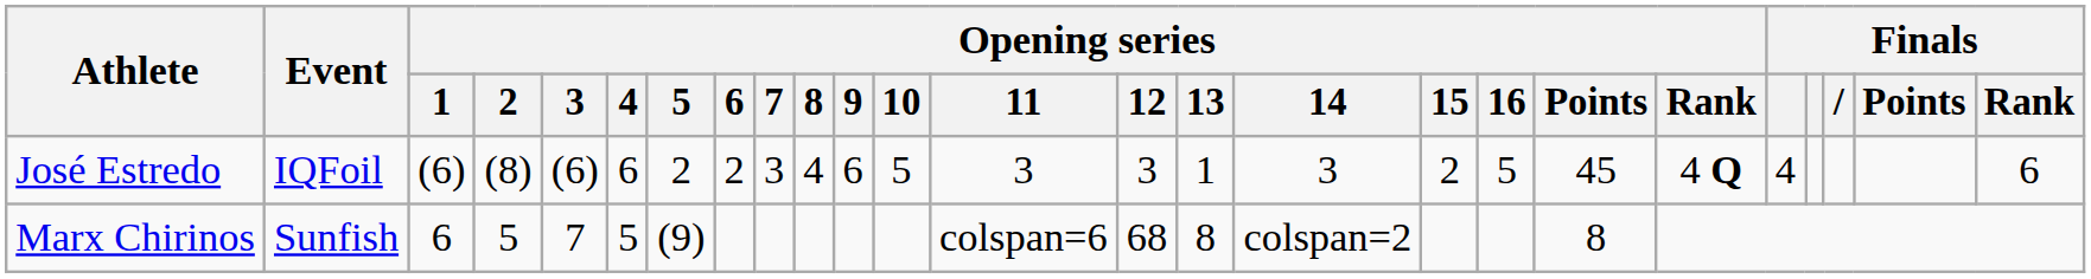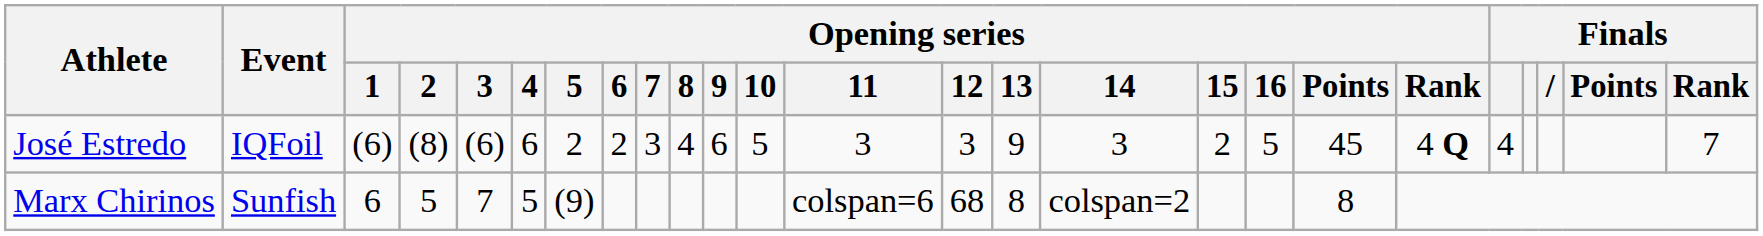 <table class=wikitable style=font-size:90%;text-align:center>
 <tr>
 <th rowspan=2>Athlete</th>
 <th rowspan=2>Event</th>
 <th colspan=18>Opening series</th>
 <th colspan=5>Finals</th>
 </tr>
 <tr style=font-size:95%>
 <th>1</th>
 <th>2</th>
 <th>3</th>
 <th>4</th>
 <th>5</th>
 <th>6</th>
 <th>7</th>
 <th>8</th>
 <th>9</th>
 <th>10</th>
 <th>11</th>
 <th>12</th>
 <th>13</th>
 <th>14</th>
 <th>15</th>
 <th>16</th>
 <th>Points</th>
 <th>Rank</th>
 <th></th>
 <th></th>
 <th> / </th>
 <th>Points</th>
 <th>Rank</th>
 </tr>
 <tr>
 <td align=left><a href='#'>José Estredo</a></td>
 <td align=left><a href='#'>IQFoil</a></td>
 <td>(6)</td>
 <td>(8)</td>
 <td>(6)</td>
 <td>6</td>
 <td>2</td>
 <td>2</td>
 <td>3</td>
 <td>4</td>
 <td>6</td>
 <td>5</td>
 <td>3</td>
 <td>3</td>
-<td>1</td>
+<td>9</td>
 <td>3</td>
 <td>2</td>
 <td>5</td>
 <td>45</td>
 <td>4 <strong>Q</strong></td>
 <td>4</td>
 <td></td>
 <td></td>
 <td></td>
-<td>6</td>
+<td>7</td>
 </tr>
 <tr>
 <td align=left><a href='#'>Marx Chirinos</a></td>
 <td align=left><a href='#'>Sunfish</a></td>
 <td>6</td>
 <td>5</td>
 <td>7</td>
 <td>5</td>
 <td>(9)<br></td>
 <td></td>
 <td></td>
 <td></td>
 <td></td>
 <td></td>
 <td>colspan=6 </td>
 <td>68</td>
 <td>8</td>
 <td>colspan=2 </td>
 <td></td>
 <td></td>
 <td>8</td>
 </tr>
 </table>
